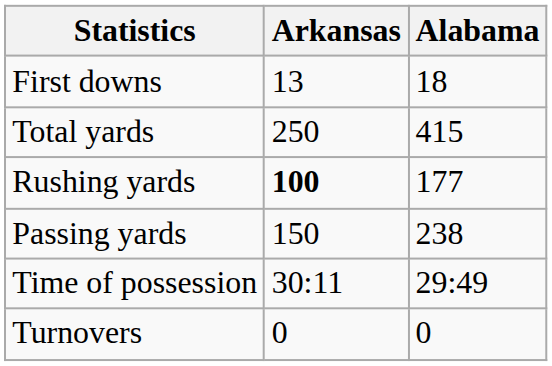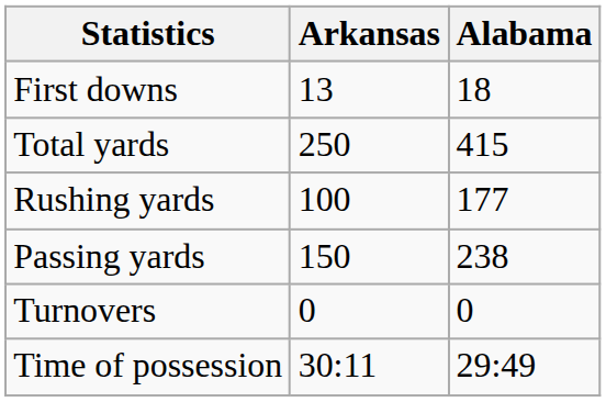 <table class="wikitable" style="float: left;">
 <tr>
 <th>Statistics</th>
 <th>Arkansas</th>
 <th>Alabama</th>
 </tr>
 <tr>
 <td>First downs</td>
 <td>13</td>
 <td>18</td>
 </tr>
 <tr>
 <td>Total yards</td>
 <td>250</td>
 <td>415</td>
 </tr>
 <tr>
 <td>Rushing yards</td>
-<td><strong>100</strong></td>
+<td>100</td>
 <td>177</td>
 </tr>
 <tr>
 <td>Passing yards</td>
 <td>150</td>
 <td>238</td>
 </tr>
 <tr>
+<td>Turnovers</td>
+<td>0</td>
+<td>0</td>
+</tr>
+<tr>
 <td>Time of possession</td>
 <td>30:11</td>
 <td>29:49</td>
 </tr>
-<tr>
-<td>Turnovers</td>
-<td>0</td>
-<td>0</td>
-</tr>
 </table>
